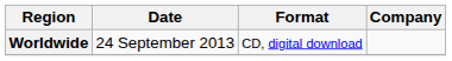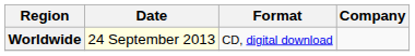 <table class="wikitable plainrowheaders">
 <tr>
 <th scope="col">Region</th>
 <th scope="col">Date</th>
 <th scope="col">Format</th>
 <th scope="col">Company</th>
 </tr>
 <tr>
 <th scope="row">Worldwide</th>
-<td rowspan="1">24 September 2013</td>
+<td rowspan="1" style="background: lightyellow;">24 September 2013</td>
 <td rowspan="1"><small>CD, <a href='#'>digital download</a></small></td>
 <td rowspan="1"></td>
 </tr>
 <tr>
 </tr>
 </table>
